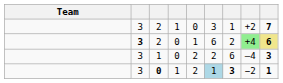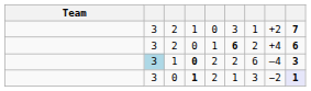 <table class="wikitable" style="text-align:center;">
 <tr>
 <th width=175>Team</th>
 <th width=20></th>
 <th width=20></th>
 <th width=20></th>
 <th width=20></th>
 <th width=20></th>
 <th width=20></th>
 <th width=20></th>
 <th width=20></th>
 </tr>
 <tr>
 <td align=left></td>
 <td>3</td>
 <td>2</td>
 <td>1</td>
 <td>0</td>
 <td>3</td>
 <td>1</td>
 <td>+2</td>
 <td><strong>7</strong></td>
 </tr>
 <tr>
 <td align=left></td>
-<td><strong>3</strong></td>
+<td>3</td>
 <td>2</td>
 <td>0</td>
 <td>1</td>
-<td>6</td>
+<td><strong>6</strong></td>
 <td>2</td>
-<td style="background: lightgreen;">+4</td>
-<td style="background: khaki;"><strong>6</strong></td>
+<td>+4</td>
+<td><strong>6</strong></td>
 </tr>
 <tr>
 <td align=left></td>
-<td>3</td>
+<td style="background: lightblue;">3</td>
 <td>1</td>
-<td>0</td>
+<td><strong>0</strong></td>
 <td>2</td>
 <td>2</td>
 <td>6</td>
 <td>–4</td>
 <td><strong>3</strong></td>
 </tr>
 <tr>
 <td align=left></td>
 <td>3</td>
-<td><strong>0</strong></td>
+<td>0</td>
+<td><strong>1</strong></td>
+<td>2</td>
 <td>1</td>
-<td>2</td>
-<td style="background: lightblue;">1</td>
-<td><strong>3</strong></td>
+<td>3</td>
 <td>−2</td>
-<td><strong>1</strong></td>
+<td style="background: lavender;"><strong>1</strong></td>
 </tr>
 </table>
